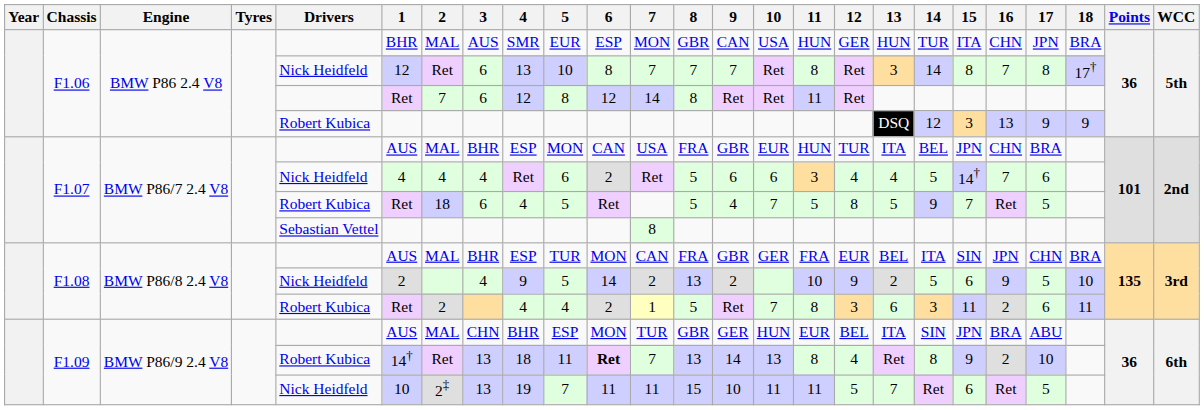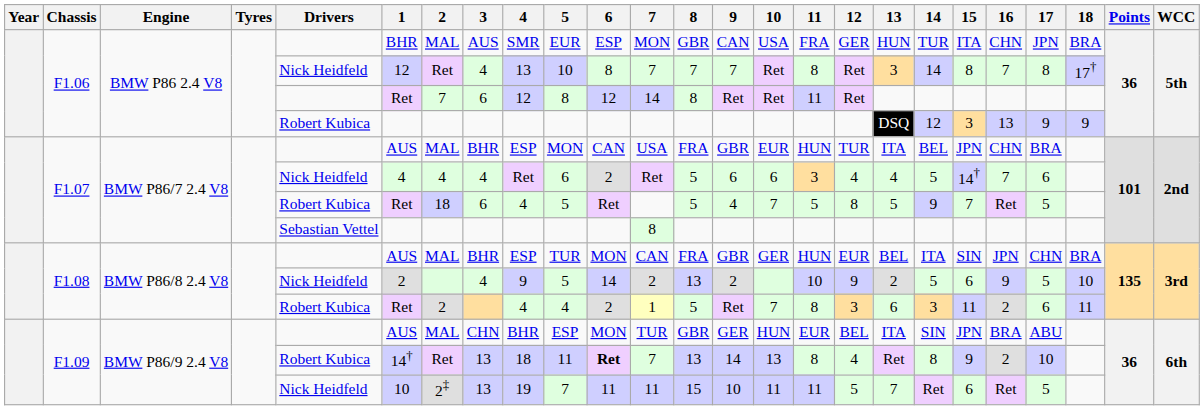 <table class="wikitable" style="text-align:center; font-size:85%">
 <tr>
 <th>Year</th>
 <th>Chassis</th>
 <th>Engine</th>
 <th>Tyres</th>
 <th>Drivers</th>
 <th>1</th>
 <th>2</th>
 <th>3</th>
 <th>4</th>
 <th>5</th>
 <th>6</th>
 <th>7</th>
 <th>8</th>
 <th>9</th>
 <th>10</th>
 <th>11</th>
 <th>12</th>
 <th>13</th>
 <th>14</th>
 <th>15</th>
 <th>16</th>
 <th>17</th>
 <th>18</th>
 <th><a href='#'>Points</a></th>
 <th>WCC</th>
 </tr>
 <tr>
 <th rowspan=4></th>
 <td rowspan=4><a href='#'>F1.06</a></td>
 <td rowspan=4><a href='#'>BMW</a> P86 2.4 <a href='#'>V8</a></td>
 <td rowspan=4></td>
 <td></td>
 <td><a href='#'>BHR</a></td>
 <td><a href='#'>MAL</a></td>
 <td><a href='#'>AUS</a></td>
 <td><a href='#'>SMR</a></td>
 <td><a href='#'>EUR</a></td>
 <td><a href='#'>ESP</a></td>
 <td><a href='#'>MON</a></td>
 <td><a href='#'>GBR</a></td>
 <td><a href='#'>CAN</a></td>
 <td><a href='#'>USA</a></td>
-<td><a href='#'>HUN</a></td>
+<td><a href='#'>FRA</a></td>
 <td><a href='#'>GER</a></td>
 <td><a href='#'>HUN</a></td>
 <td><a href='#'>TUR</a></td>
 <td><a href='#'>ITA</a></td>
 <td><a href='#'>CHN</a></td>
 <td><a href='#'>JPN</a></td>
 <td><a href='#'>BRA</a></td>
 <th rowspan=4>36</th>
 <th rowspan=4>5th</th>
 </tr>
 <tr>
 <td align="left"> <a href='#'>Nick Heidfeld</a></td>
 <td style="background:#CFCFFF;">12</td>
 <td style="background:#EFCFFF;">Ret</td>
-<td style="background:#DFFFDF;">6</td>
+<td style="background:#DFFFDF;">4</td>
 <td style="background:#CFCFFF;">13</td>
 <td style="background:#CFCFFF;">10</td>
 <td style="background:#DFFFDF;">8</td>
 <td style="background:#DFFFDF;">7</td>
 <td style="background:#DFFFDF;">7</td>
 <td style="background:#DFFFDF;">7</td>
 <td style="background:#EFCFFF;">Ret</td>
 <td style="background:#DFFFDF;">8</td>
 <td style="background:#EFCFFF;">Ret</td>
 <td style="background:#FFDF9F;">3</td>
 <td style="background:#CFCFFF;">14</td>
 <td style="background:#DFFFDF;">8</td>
 <td style="background:#DFFFDF;">7</td>
 <td style="background:#DFFFDF;">8</td>
 <td style="background:#CFCFFF;">17<sup>†</sup></td>
 </tr>
 <tr>
 <td align="left"></td>
 <td style="background:#EFCFFF;">Ret</td>
 <td style="background:#DFFFDF;">7</td>
 <td style="background:#DFFFDF;">6</td>
 <td style="background:#CFCFFF;">12</td>
 <td style="background:#DFFFDF;">8</td>
 <td style="background:#CFCFFF;">12</td>
 <td style="background:#CFCFFF;">14</td>
 <td style="background:#DFFFDF;">8</td>
 <td style="background:#EFCFFF;">Ret</td>
 <td style="background:#EFCFFF;">Ret</td>
 <td style="background:#CFCFFF;">11</td>
 <td style="background:#EFCFFF;">Ret</td>
 <td></td>
 <td></td>
 <td></td>
 <td></td>
 <td></td>
 <td></td>
 </tr>
 <tr>
 <td align="left"> <a href='#'>Robert Kubica</a></td>
 <td></td>
 <td></td>
 <td></td>
 <td></td>
 <td></td>
 <td></td>
 <td></td>
 <td></td>
 <td></td>
 <td></td>
 <td></td>
 <td></td>
 <td style="background:#000000; color:white">DSQ</td>
 <td style="background:#CFCFFF;">12</td>
 <td style="background:#FFDF9F;">3</td>
 <td style="background:#CFCFFF;">13</td>
 <td style="background:#CFCFFF;">9</td>
 <td style="background:#CFCFFF;">9</td>
 </tr>
 <tr>
 <th rowspan=4></th>
 <td rowspan=4><a href='#'>F1.07</a></td>
 <td rowspan=4><a href='#'>BMW</a> P86/7 2.4 <a href='#'>V8</a></td>
 <td rowspan=4></td>
 <td></td>
 <td><a href='#'>AUS</a></td>
 <td><a href='#'>MAL</a></td>
 <td><a href='#'>BHR</a></td>
 <td><a href='#'>ESP</a></td>
 <td><a href='#'>MON</a></td>
 <td><a href='#'>CAN</a></td>
 <td><a href='#'>USA</a></td>
 <td><a href='#'>FRA</a></td>
 <td><a href='#'>GBR</a></td>
 <td><a href='#'>EUR</a></td>
 <td><a href='#'>HUN</a></td>
 <td><a href='#'>TUR</a></td>
 <td><a href='#'>ITA</a></td>
 <td><a href='#'>BEL</a></td>
 <td><a href='#'>JPN</a></td>
 <td><a href='#'>CHN</a></td>
 <td><a href='#'>BRA</a></td>
 <td></td>
 <td rowspan=4 style="background-color:#DFDFDF"><strong>101</strong></td>
 <td rowspan=4 style="background-color:#DFDFDF"><strong>2nd</strong></td>
 </tr>
 <tr>
 <td align="left"> <a href='#'>Nick Heidfeld</a></td>
 <td style="background-color:#DFFFDF">4</td>
 <td style="background-color:#DFFFDF">4</td>
 <td style="background-color:#DFFFDF">4</td>
 <td style="background-color:#EFCFFF">Ret</td>
 <td style="background-color:#DFFFDF">6</td>
 <td style="background-color:#DFDFDF">2</td>
 <td style="background-color:#EFCFFF">Ret</td>
 <td style="background-color:#DFFFDF">5</td>
 <td style="background-color:#DFFFDF">6</td>
 <td style="background-color:#DFFFDF">6</td>
 <td style="background-color:#FFDF9F">3</td>
 <td style="background-color:#DFFFDF">4</td>
 <td style="background-color:#DFFFDF">4</td>
 <td style="background-color:#DFFFDF">5</td>
 <td style="background-color:#CFCFFF">14<sup>†</sup></td>
 <td style="background-color:#DFFFDF">7</td>
 <td style="background-color:#DFFFDF">6</td>
 <td></td>
 </tr>
 <tr>
 <td align="left"> <a href='#'>Robert Kubica</a></td>
 <td style="background-color:#EFCFFF">Ret</td>
 <td style="background-color:#CFCFFF">18</td>
 <td style="background-color:#DFFFDF">6</td>
 <td style="background-color:#DFFFDF">4</td>
 <td style="background-color:#DFFFDF">5</td>
 <td style="background-color:#EFCFFF">Ret</td>
 <td></td>
 <td style="background-color:#DFFFDF">5</td>
 <td style="background-color:#DFFFDF">4</td>
 <td style="background-color:#DFFFDF">7</td>
 <td style="background-color:#DFFFDF">5</td>
 <td style="background-color:#DFFFDF">8</td>
 <td style="background-color:#DFFFDF">5</td>
 <td style="background-color:#CFCFFF">9</td>
 <td style="background-color:#DFFFDF">7</td>
 <td style="background-color:#EFCFFF">Ret</td>
 <td style="background-color:#DFFFDF">5</td>
 <td></td>
 </tr>
 <tr>
 <td align="left"> <a href='#'>Sebastian Vettel</a></td>
 <td></td>
 <td></td>
 <td></td>
 <td></td>
 <td></td>
 <td></td>
 <td style="background-color:#DFFFDF">8</td>
 <td></td>
 <td></td>
 <td></td>
 <td></td>
 <td></td>
 <td></td>
 <td></td>
 <td></td>
 <td></td>
 <td></td>
 <td></td>
 </tr>
 <tr>
 <th rowspan=3></th>
 <td rowspan=3><a href='#'>F1.08</a></td>
 <td rowspan=3><a href='#'>BMW</a> P86/8 2.4 <a href='#'>V8</a></td>
 <td rowspan=3></td>
 <td></td>
 <td><a href='#'>AUS</a></td>
 <td><a href='#'>MAL</a></td>
 <td><a href='#'>BHR</a></td>
 <td><a href='#'>ESP</a></td>
 <td><a href='#'>TUR</a></td>
 <td><a href='#'>MON</a></td>
 <td><a href='#'>CAN</a></td>
 <td><a href='#'>FRA</a></td>
 <td><a href='#'>GBR</a></td>
 <td><a href='#'>GER</a></td>
-<td><a href='#'>FRA</a></td>
+<td><a href='#'>HUN</a></td>
 <td><a href='#'>EUR</a></td>
 <td><a href='#'>BEL</a></td>
 <td><a href='#'>ITA</a></td>
 <td><a href='#'>SIN</a></td>
 <td><a href='#'>JPN</a></td>
 <td><a href='#'>CHN</a></td>
 <td><a href='#'>BRA</a></td>
 <td rowspan=3 style="background-color:#FFDF9F"><strong>135</strong></td>
 <td rowspan=3 style="background-color:#FFDF9F"><strong>3rd</strong></td>
 </tr>
 <tr>
 <td align="left"> <a href='#'>Nick Heidfeld</a></td>
 <td style="background-color:#DFDFDF">2</td>
 <td style="background-color:#DFFFDF"></td>
 <td style="background-color:#DFFFDF">4</td>
 <td style="background-color:#CFCFFF">9</td>
 <td style="background-color:#DFFFDF">5</td>
 <td style="background-color:#CFCFFF">14</td>
 <td style="background-color:#DFDFDF">2</td>
 <td style="background-color:#CFCFFF">13</td>
 <td style="background-color:#DFDFDF">2</td>
 <td style="background-color:#DFFFDF"></td>
 <td style="background-color:#CFCFFF">10</td>
 <td style="background-color:#CFCFFF">9</td>
 <td style="background-color:#DFDFDF">2</td>
 <td style="background-color:#DFFFDF">5</td>
 <td style="background-color:#DFFFDF">6</td>
 <td style="background-color:#CFCFFF">9</td>
 <td style="background-color:#DFFFDF">5</td>
 <td style="background-color:#CFCFFF">10</td>
 </tr>
 <tr>
 <td align="left"> <a href='#'>Robert Kubica</a></td>
 <td style="background-color:#EFCFFF">Ret</td>
 <td style="background-color:#DFDFDF">2</td>
 <td style="background-color:#FFDF9F"></td>
 <td style="background-color:#DFFFDF">4</td>
 <td style="background-color:#DFFFDF">4</td>
 <td style="background-color:#DFDFDF">2</td>
 <td style="background-color:#FFFFBF">1</td>
 <td style="background-color:#DFFFDF">5</td>
 <td style="background-color:#EFCFFF">Ret</td>
 <td style="background-color:#DFFFDF">7</td>
 <td style="background-color:#DFFFDF">8</td>
 <td style="background-color:#FFDF9F">3</td>
 <td style="background-color:#DFFFDF">6</td>
 <td style="background-color:#FFDF9F">3</td>
 <td style="background-color:#CFCFFF">11</td>
 <td style="background-color:#DFDFDF">2</td>
 <td style="background-color:#DFFFDF">6</td>
 <td style="background-color:#CFCFFF">11</td>
 </tr>
 <tr>
 <th rowspan=3></th>
 <td rowspan=3><a href='#'>F1.09</a></td>
 <td rowspan=3><a href='#'>BMW</a> P86/9 2.4 <a href='#'>V8</a></td>
 <td rowspan=3></td>
 <td></td>
 <td><a href='#'>AUS</a></td>
 <td><a href='#'>MAL</a></td>
 <td><a href='#'>CHN</a></td>
 <td><a href='#'>BHR</a></td>
 <td><a href='#'>ESP</a></td>
 <td><a href='#'>MON</a></td>
 <td><a href='#'>TUR</a></td>
 <td><a href='#'>GBR</a></td>
 <td><a href='#'>GER</a></td>
 <td><a href='#'>HUN</a></td>
 <td><a href='#'>EUR</a></td>
 <td><a href='#'>BEL</a></td>
 <td><a href='#'>ITA</a></td>
 <td><a href='#'>SIN</a></td>
 <td><a href='#'>JPN</a></td>
 <td><a href='#'>BRA</a></td>
 <td><a href='#'>ABU</a></td>
 <td></td>
 <th rowspan=3>36</th>
 <th rowspan=3>6th</th>
 </tr>
 <tr>
 <td align="left"> <a href='#'>Robert Kubica</a></td>
 <td style="background:#CFCFFF;">14<sup>†</sup></td>
 <td style="background:#EFCFFF;">Ret</td>
 <td style="background:#CFCFFF;">13</td>
 <td style="background:#CFCFFF;">18</td>
 <td style="background:#CFCFFF;">11</td>
 <td style="background:#EFCFFF;"><strong>Ret</strong></td>
 <td style="background:#DFFFDF;">7</td>
 <td style="background:#CFCFFF;">13</td>
 <td style="background:#CFCFFF;">14</td>
 <td style="background:#CFCFFF;">13</td>
 <td style="background:#DFFFDF;">8</td>
 <td style="background:#DFFFDF;">4</td>
 <td style="background:#EFCFFF;">Ret</td>
 <td style="background:#DFFFDF;">8</td>
 <td style="background:#CFCFFF;">9</td>
 <td style="background:#DFDFDF;">2</td>
 <td style="background:#CFCFFF;">10</td>
 <td></td>
 </tr>
 <tr>
 <td align="left"> <a href='#'>Nick Heidfeld</a></td>
 <td style="background:#CFCFFF;">10</td>
 <td style="background:#DFDFDF;">2<sup>‡</sup></td>
 <td style="background:#CFCFFF;">13</td>
 <td style="background:#CFCFFF;">19</td>
 <td style="background:#DFFFDF;">7</td>
 <td style="background:#CFCFFF;">11</td>
 <td style="background:#CFCFFF;">11</td>
 <td style="background:#CFCFFF;">15</td>
 <td style="background:#CFCFFF;">10</td>
 <td style="background:#CFCFFF;">11</td>
 <td style="background:#CFCFFF;">11</td>
 <td style="background:#DFFFDF;">5</td>
 <td style="background:#DFFFDF;">7</td>
 <td style="background:#EFCFFF;">Ret</td>
 <td style="background:#DFFFDF;">6</td>
 <td style="background:#EFCFFF;">Ret</td>
 <td style="background:#DFFFDF;">5</td>
 <td></td>
 </tr>
 </table>
